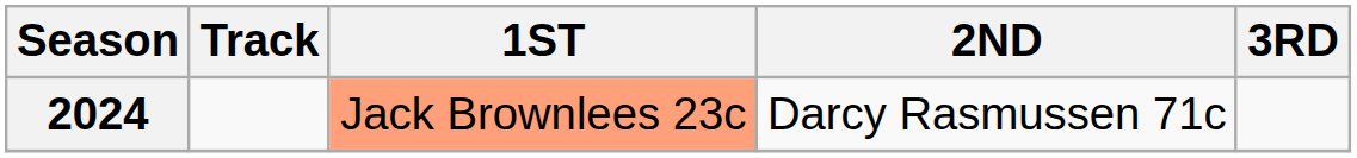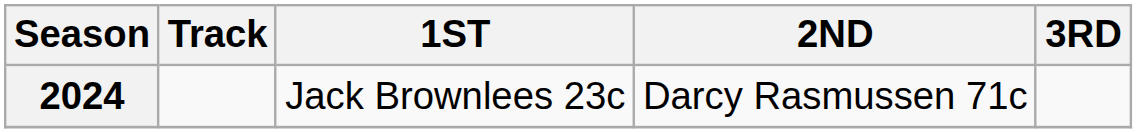 <table class="wikitable">
 <tr>
 <th>Season</th>
 <th>Track</th>
 <th>1ST</th>
 <th>2ND</th>
 <th>3RD</th>
 </tr>
 <tr>
 <th>2024</th>
 <td></td>
-<td style="background: lightsalmon;">Jack Brownlees 23c</td>
+<td>Jack Brownlees 23c</td>
 <td>Darcy Rasmussen 71c</td>
 <td></td>
 </tr>
 <tr>
 </tr>
 </table>
